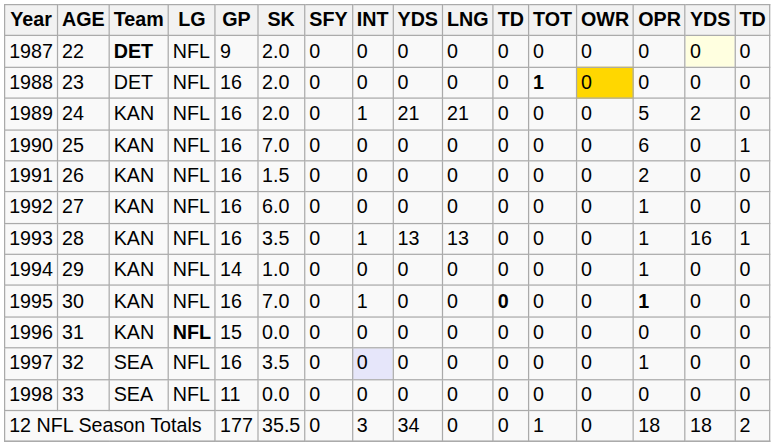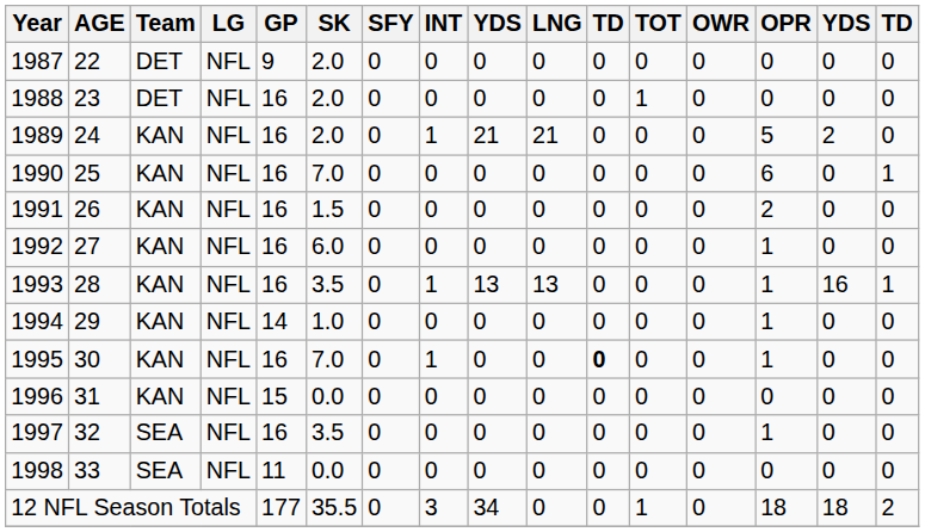 <table class="wikitable">
 <tr>
 <th>Year</th>
 <th>AGE</th>
 <th>Team</th>
 <th>LG</th>
 <th>GP</th>
 <th>SK</th>
 <th>SFY</th>
 <th>INT</th>
 <th>YDS</th>
 <th>LNG</th>
 <th>TD</th>
 <th>TOT</th>
 <th>OWR</th>
 <th>OPR</th>
 <th>YDS</th>
 <th>TD</th>
 </tr>
 <tr>
 <td>1987</td>
 <td>22</td>
-<td><strong>DET</strong></td>
+<td>DET</td>
 <td>NFL</td>
 <td>9</td>
 <td>2.0</td>
 <td>0</td>
 <td>0</td>
 <td>0</td>
 <td>0</td>
 <td>0</td>
 <td>0</td>
 <td>0</td>
 <td>0</td>
-<td style="background: lightyellow;">0</td>
+<td>0</td>
 <td>0</td>
 </tr>
 <tr>
 <td>1988</td>
 <td>23</td>
 <td>DET</td>
 <td>NFL</td>
 <td>16</td>
 <td>2.0</td>
 <td>0</td>
 <td>0</td>
 <td>0</td>
 <td>0</td>
 <td>0</td>
-<td><strong>1</strong></td>
-<td style="background: gold;">0</td>
+<td>1</td>
+<td>0</td>
 <td>0</td>
 <td>0</td>
 <td>0</td>
 </tr>
 <tr>
 <td>1989</td>
 <td>24</td>
 <td>KAN</td>
 <td>NFL</td>
 <td>16</td>
 <td>2.0</td>
 <td>0</td>
 <td>1</td>
 <td>21</td>
 <td>21</td>
 <td>0</td>
 <td>0</td>
 <td>0</td>
 <td>5</td>
 <td>2</td>
 <td>0</td>
 </tr>
 <tr>
 <td>1990</td>
 <td>25</td>
 <td>KAN</td>
 <td>NFL</td>
 <td>16</td>
 <td>7.0</td>
 <td>0</td>
 <td>0</td>
 <td>0</td>
 <td>0</td>
 <td>0</td>
 <td>0</td>
 <td>0</td>
 <td>6</td>
 <td>0</td>
 <td>1</td>
 </tr>
 <tr>
 <td>1991</td>
 <td>26</td>
 <td>KAN</td>
 <td>NFL</td>
 <td>16</td>
 <td>1.5</td>
 <td>0</td>
 <td>0</td>
 <td>0</td>
 <td>0</td>
 <td>0</td>
 <td>0</td>
 <td>0</td>
 <td>2</td>
 <td>0</td>
 <td>0</td>
 </tr>
 <tr>
 <td>1992</td>
 <td>27</td>
 <td>KAN</td>
 <td>NFL</td>
 <td>16</td>
 <td>6.0</td>
 <td>0</td>
 <td>0</td>
 <td>0</td>
 <td>0</td>
 <td>0</td>
 <td>0</td>
 <td>0</td>
 <td>1</td>
 <td>0</td>
 <td>0</td>
 </tr>
 <tr>
 <td>1993</td>
 <td>28</td>
 <td>KAN</td>
 <td>NFL</td>
 <td>16</td>
 <td>3.5</td>
 <td>0</td>
 <td>1</td>
 <td>13</td>
 <td>13</td>
 <td>0</td>
 <td>0</td>
 <td>0</td>
 <td>1</td>
 <td>16</td>
 <td>1</td>
 </tr>
 <tr>
 <td>1994</td>
 <td>29</td>
 <td>KAN</td>
 <td>NFL</td>
 <td>14</td>
 <td>1.0</td>
 <td>0</td>
 <td>0</td>
 <td>0</td>
 <td>0</td>
 <td>0</td>
 <td>0</td>
 <td>0</td>
 <td>1</td>
 <td>0</td>
 <td>0</td>
 </tr>
 <tr>
 <td>1995</td>
 <td>30</td>
 <td>KAN</td>
 <td>NFL</td>
 <td>16</td>
 <td>7.0</td>
 <td>0</td>
 <td>1</td>
 <td>0</td>
 <td>0</td>
 <td><strong>0</strong></td>
 <td>0</td>
 <td>0</td>
-<td><strong>1</strong></td>
+<td>1</td>
 <td>0</td>
 <td>0</td>
 </tr>
 <tr>
 <td>1996</td>
 <td>31</td>
 <td>KAN</td>
-<td><strong>NFL</strong></td>
+<td>NFL</td>
 <td>15</td>
 <td>0.0</td>
 <td>0</td>
 <td>0</td>
 <td>0</td>
 <td>0</td>
 <td>0</td>
 <td>0</td>
 <td>0</td>
 <td>0</td>
 <td>0</td>
 <td>0</td>
 </tr>
 <tr>
 <td>1997</td>
 <td>32</td>
 <td>SEA</td>
 <td>NFL</td>
 <td>16</td>
 <td>3.5</td>
 <td>0</td>
-<td style="background: lavender;">0</td>
+<td>0</td>
 <td>0</td>
 <td>0</td>
 <td>0</td>
 <td>0</td>
 <td>0</td>
 <td>1</td>
 <td>0</td>
 <td>0</td>
 </tr>
 <tr>
 <td>1998</td>
 <td>33</td>
 <td>SEA</td>
 <td>NFL</td>
 <td>11</td>
 <td>0.0</td>
 <td>0</td>
 <td>0</td>
 <td>0</td>
 <td>0</td>
 <td>0</td>
 <td>0</td>
 <td>0</td>
 <td>0</td>
 <td>0</td>
 <td>0</td>
 </tr>
 <tr>
 <td colspan="4">12 NFL Season Totals</td>
 <td>177</td>
 <td>35.5</td>
 <td>0</td>
 <td>3</td>
 <td>34</td>
 <td>0</td>
 <td>0</td>
 <td>1</td>
 <td>0</td>
 <td>18</td>
 <td>18</td>
 <td>2</td>
 </tr>
 <tr>
 </tr>
 </table>
